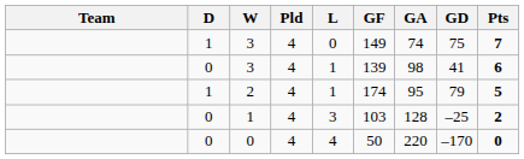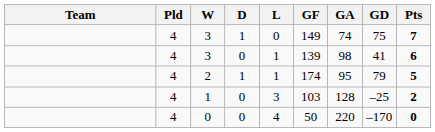 <table class="wikitable" style="text-align: center;">
 <tr>
 <th width="180">Team</th>
+<th width="35">Pld</th>
+<th width="35">W</th>
 <th width="35">D</th>
-<th width="35">W</th>
-<th width="35">Pld</th>
 <th width="35">L</th>
 <th width="35">GF</th>
 <th width="35">GA</th>
 <th width="35">GD</th>
 <th width="35">Pts</th>
 </tr>
 <tr>
 <td align="left"></td>
+<td>4</td>
+<td>3</td>
 <td>1</td>
-<td>3</td>
-<td>4</td>
 <td>0</td>
 <td>149</td>
 <td>74</td>
 <td>75</td>
 <td><strong>7</strong></td>
 </tr>
 <tr>
 <td align="left"></td>
+<td>4</td>
+<td>3</td>
 <td>0</td>
-<td>3</td>
-<td>4</td>
 <td>1</td>
 <td>139</td>
 <td>98</td>
 <td>41</td>
 <td><strong>6</strong></td>
 </tr>
 <tr>
 <td align="left"></td>
+<td>4</td>
+<td>2</td>
 <td>1</td>
-<td>2</td>
-<td>4</td>
 <td>1</td>
 <td>174</td>
 <td>95</td>
 <td>79</td>
 <td><strong>5</strong></td>
 </tr>
 <tr>
 <td align="left"></td>
+<td>4</td>
+<td>1</td>
 <td>0</td>
-<td>1</td>
-<td>4</td>
 <td>3</td>
 <td>103</td>
 <td>128</td>
 <td>–25</td>
 <td><strong>2</strong></td>
 </tr>
 <tr>
 <td align="left"></td>
+<td>4</td>
 <td>0</td>
 <td>0</td>
-<td>4</td>
 <td>4</td>
 <td>50</td>
 <td>220</td>
 <td>–170</td>
 <td><strong>0</strong></td>
 </tr>
 </table>
